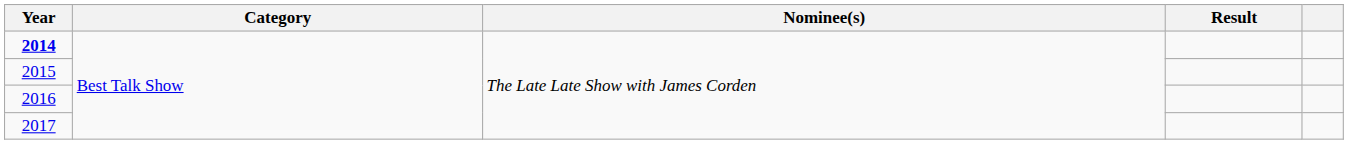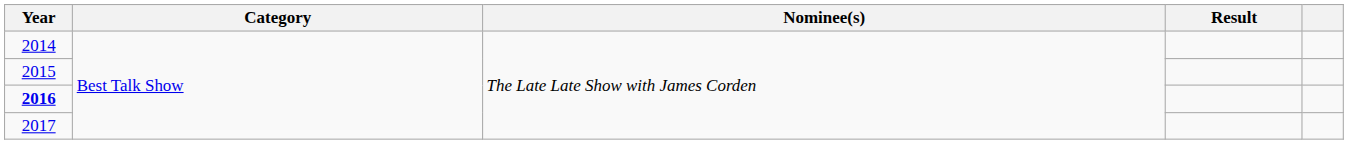 <table class="wikitable plainrowheaders" style="width:100%;">
 <tr>
 <th scope="col" style="width:5%;">Year</th>
 <th scope="col" style="width:30%;">Category</th>
 <th scope="col" style="width:50%;">Nominee(s)</th>
 <th scope="col" style="width:10%;">Result</th>
 <th scope="col" style="width:3%;"></th>
 </tr>
 <tr>
-<td align="center"><strong><a href='#'>2014</a></strong></td>
+<td align="center"><a href='#'>2014</a></td>
 <td rowspan="4"><a href='#'>Best Talk Show</a></td>
 <td rowspan="4"><em>The Late Late Show with James Corden</em></td>
 <td></td>
 <td></td>
 </tr>
 <tr>
 <td align="center"><a href='#'>2015</a></td>
 <td></td>
 <td></td>
 </tr>
 <tr>
-<td align="center"><a href='#'>2016</a></td>
+<td align="center"><strong><a href='#'>2016</a></strong></td>
 <td></td>
 <td style="text-align:center;"></td>
 </tr>
 <tr>
 <td align="center"><a href='#'>2017</a></td>
 <td></td>
 <td style="text-align:center;"></td>
 </tr>
 </table>
